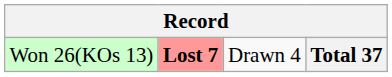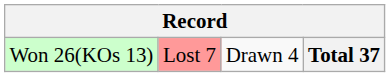 <table class="wikitable" style="text-align:center">
 <tr>
 <th colspan="4">Record</th>
 </tr>
 <tr>
 <td bgcolor=CCFFCC>Won 26(KOs 13)</td>
-<td bgcolor=FF9999><strong>Lost 7</strong></td>
+<td bgcolor=FF9999>Lost 7</td>
 <td>Drawn 4</td>
 <th>Total 37</th>
 </tr>
 </table>
